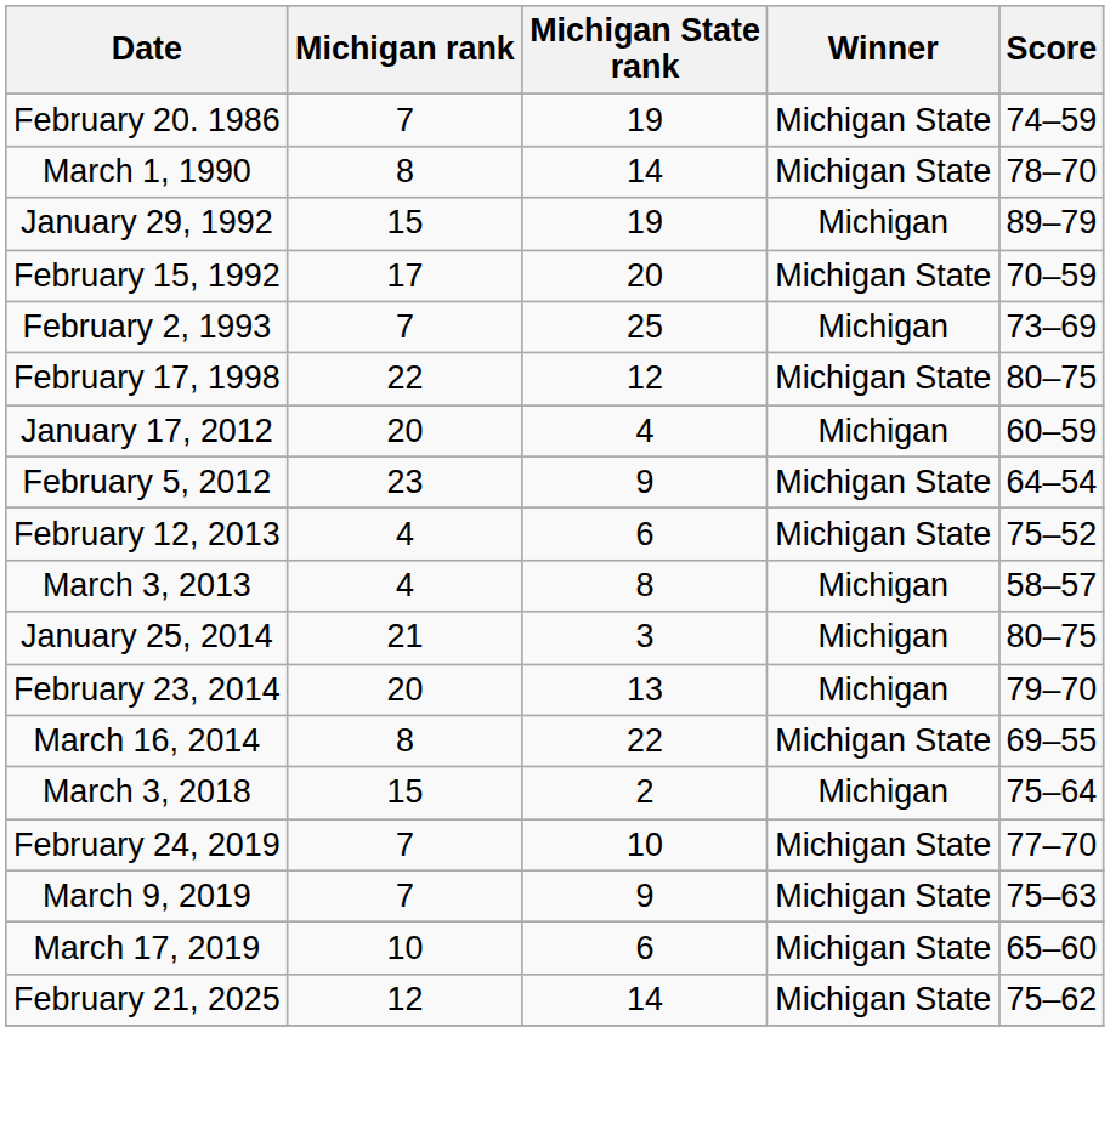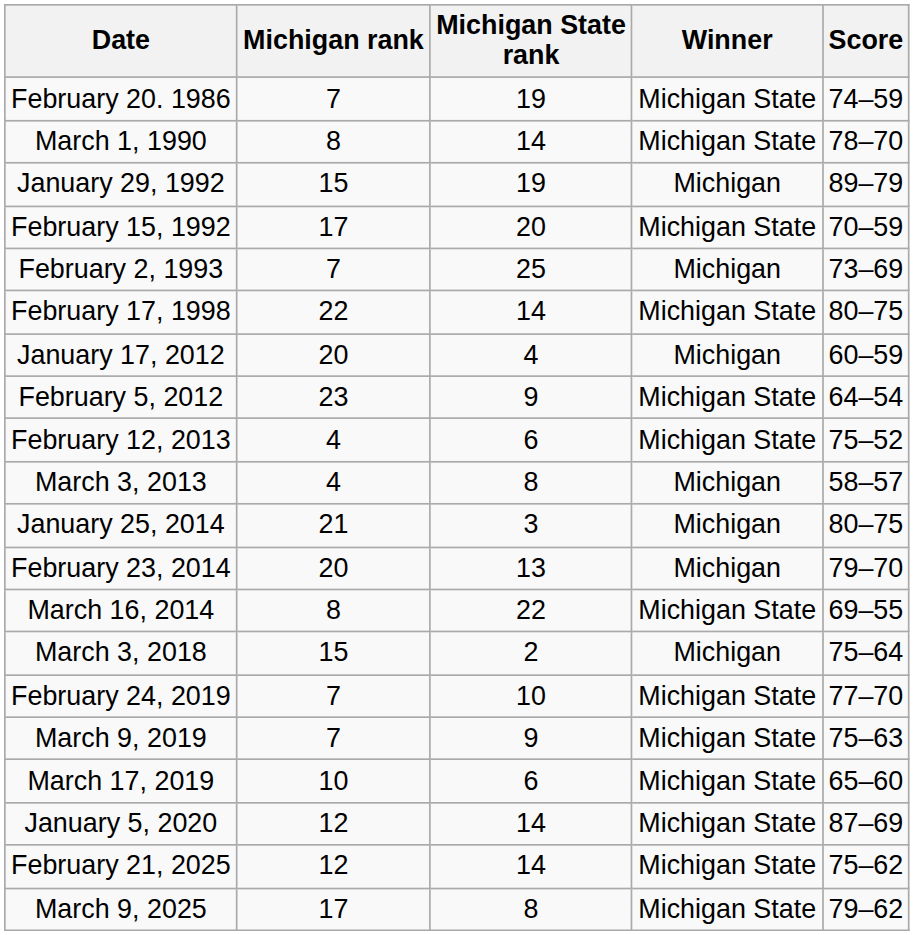 <table class="wikitable" style="text-align:right">
 <tr>
 <th>Date</th>
 <th>Michigan rank</th>
 <th style=>Michigan State<br>rank</th>
 <th>Winner</th>
 <th>Score</th>
 </tr>
 <tr>
 <td align="center">February 20. 1986</td>
 <td align="center">7</td>
 <td align="center">19</td>
 <td align="center" style=>Michigan State</td>
 <td align="center">74–59</td>
 </tr>
 <tr>
 <td align="center">March 1, 1990</td>
 <td align="center">8</td>
 <td align="center">14</td>
 <td align="center" style=>Michigan State</td>
 <td align="center">78–70</td>
 </tr>
 <tr>
 <td align="center">January 29, 1992</td>
 <td align="center">15</td>
 <td align="center">19</td>
 <td align="center">Michigan</td>
 <td align="center">89–79</td>
 </tr>
 <tr>
 <td align="center">February 15, 1992</td>
 <td align="center">17</td>
 <td align="center">20</td>
 <td align="center" style=>Michigan State</td>
 <td align="center">70–59</td>
 </tr>
 <tr>
 <td align="center">February 2, 1993</td>
 <td align="center">7</td>
 <td align="center">25</td>
 <td align="center">Michigan</td>
 <td align="center">73–69</td>
 </tr>
 <tr>
 <td align="center">February 17, 1998</td>
 <td align="center">22</td>
-<td align="center">12</td>
+<td align="center">14</td>
 <td align="center" style=>Michigan State</td>
 <td align="center">80–75</td>
 </tr>
 <tr>
 <td align="center">January 17, 2012</td>
 <td align="center">20</td>
 <td align="center">4</td>
 <td align="center">Michigan</td>
 <td align="center">60–59</td>
 </tr>
 <tr>
 <td align="center">February 5, 2012</td>
 <td align="center">23</td>
 <td align="center">9</td>
 <td align="center" style=>Michigan State</td>
 <td align="center">64–54</td>
 </tr>
 <tr>
 <td align="center">February 12, 2013</td>
 <td align="center">4</td>
 <td align="center">6</td>
 <td align="center" style=>Michigan State</td>
 <td align="center">75–52</td>
 </tr>
 <tr>
 <td align="center">March 3, 2013</td>
 <td align="center">4</td>
 <td align="center">8</td>
 <td align="center">Michigan</td>
 <td align="center">58–57</td>
 </tr>
 <tr>
 <td align="center">January 25, 2014</td>
 <td align="center">21</td>
 <td align="center">3</td>
 <td align="center">Michigan</td>
 <td align="center">80–75</td>
 </tr>
 <tr>
 <td align="center">February 23, 2014</td>
 <td align="center">20</td>
 <td align="center">13</td>
 <td align="center">Michigan</td>
 <td align="center">79–70</td>
 </tr>
 <tr>
 <td align="center">March 16, 2014</td>
 <td align="center">8</td>
 <td align="center">22</td>
 <td align="center" style=>Michigan State</td>
 <td align="center">69–55</td>
 </tr>
 <tr>
 <td align="center">March 3, 2018</td>
 <td align="center">15</td>
 <td align="center">2</td>
 <td align="center">Michigan</td>
 <td align="center">75–64</td>
 </tr>
 <tr>
 <td align="center">February 24, 2019</td>
 <td align="center">7</td>
 <td align="center">10</td>
 <td align="center">Michigan State</td>
 <td align="center">77–70</td>
 </tr>
 <tr>
 <td align="center">March 9, 2019</td>
 <td align="center">7</td>
 <td align="center">9</td>
 <td align="center">Michigan State</td>
 <td align="center">75–63</td>
 </tr>
 <tr>
 <td align="center">March 17, 2019</td>
 <td align="center">10</td>
 <td align="center">6</td>
 <td align="center">Michigan State</td>
 <td align="center">65–60</td>
 </tr>
 <tr>
+<td align="center">January 5, 2020</td>
+<td align="center">12</td>
+<td align="center">14</td>
+<td align="center">Michigan State</td>
+<td align="center">87–69</td>
+</tr>
+<tr>
 <td align="center">February 21, 2025</td>
 <td align="center">12</td>
 <td align="center">14</td>
 <td align="center">Michigan State</td>
 <td align="center">75–62</td>
 </tr>
 <tr>
+<td align="center">March 9, 2025</td>
+<td align="center">17</td>
+<td align="center">8</td>
+<td align="center">Michigan State</td>
+<td align="center">79–62</td>
+</tr>
+<tr>
 </tr>
 </table>
